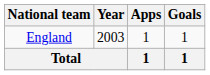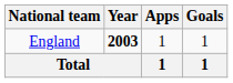 <table class=wikitable style=text-align:center>
 <tr>
 <th>National team</th>
 <th>Year</th>
 <th>Apps</th>
 <th>Goals</th>
 </tr>
 <tr>
 <td><a href='#'>England</a></td>
-<td>2003</td>
+<td><strong>2003</strong></td>
 <td>1</td>
 <td>1</td>
 </tr>
 <tr>
 <th colspan=2>Total</th>
 <th>1</th>
 <th>1</th>
 </tr>
 </table>
